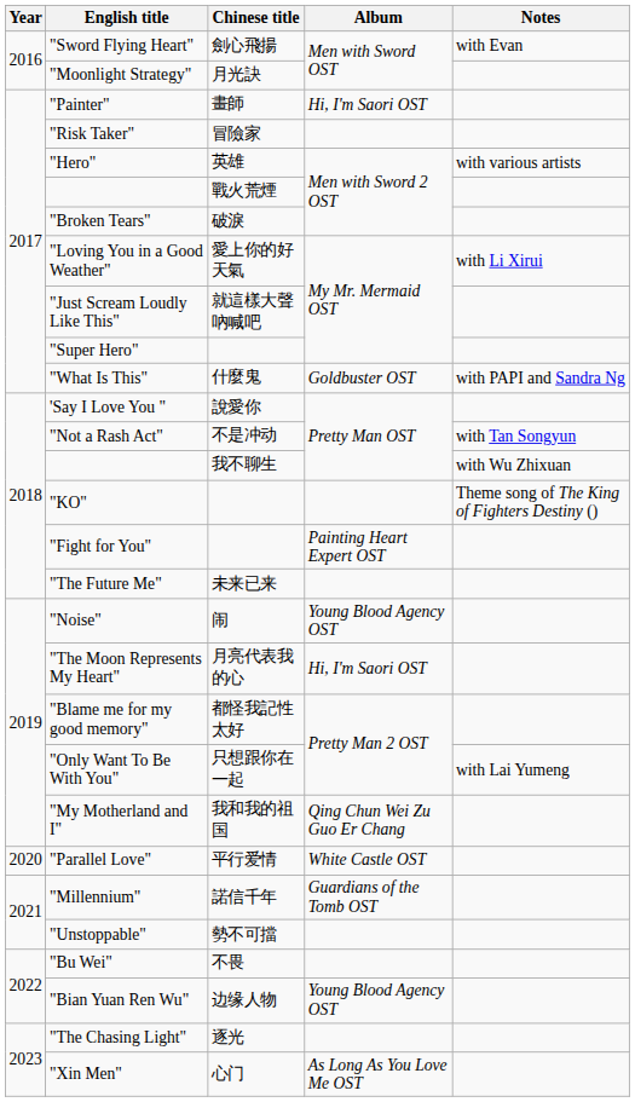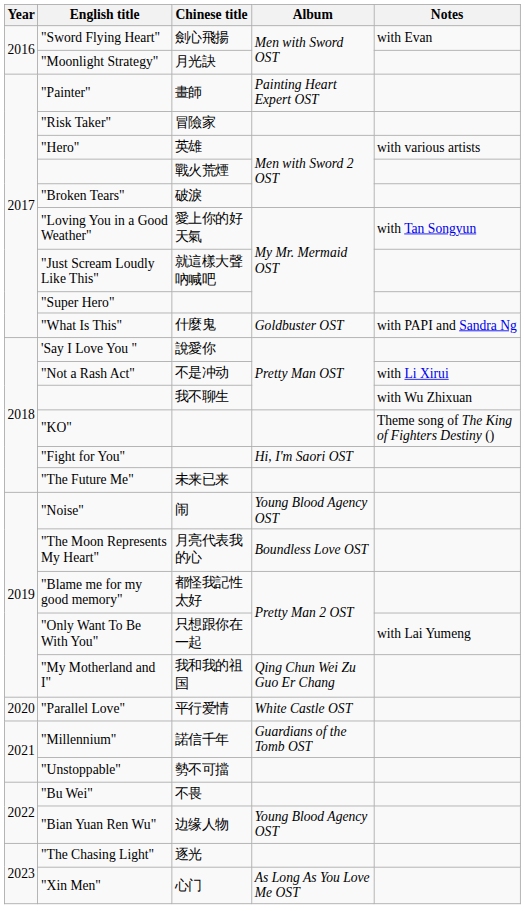 <table class="wikitable sortable">
 <tr>
 <th>Year</th>
 <th>English title</th>
 <th>Chinese title</th>
 <th>Album</th>
 <th>Notes</th>
 </tr>
 <tr>
 <td rowspan=2>2016</td>
 <td>"Sword Flying Heart"</td>
 <td>劍心飛揚</td>
 <td rowspan=2><em>Men with Sword OST</em></td>
 <td>with Evan</td>
 </tr>
 <tr>
 <td>"Moonlight Strategy"</td>
 <td>月光訣</td>
 <td></td>
 </tr>
 <tr>
 <td rowspan=9>2017</td>
 <td>"Painter"</td>
 <td>畫師</td>
-<td><em>Hi, I'm Saori OST</em></td>
+<td><em>Painting Heart Expert OST</em></td>
 <td></td>
 </tr>
 <tr>
 <td>"Risk Taker"</td>
 <td>冒險家</td>
 <td></td>
 <td></td>
 </tr>
 <tr>
 <td>"Hero"</td>
 <td>英雄</td>
 <td rowspan=3><em>Men with Sword 2 OST</em></td>
 <td>with various artists</td>
 </tr>
 <tr>
 <td></td>
 <td>戰火荒煙</td>
 <td></td>
 </tr>
 <tr>
 <td>"Broken Tears"</td>
 <td>破淚</td>
 <td></td>
 </tr>
 <tr>
 <td>"Loving You in a Good Weather"</td>
 <td>愛上你的好天氣</td>
 <td rowspan=3><em>My Mr. Mermaid OST</em></td>
-<td>with <a href='#'>Li Xirui</a></td>
+<td>with <a href='#'>Tan Songyun</a></td>
 </tr>
 <tr>
 <td>"Just Scream Loudly Like This"</td>
 <td>就這樣大聲吶喊吧</td>
 <td></td>
 </tr>
 <tr>
 <td>"Super Hero"</td>
 <td></td>
 <td></td>
 </tr>
 <tr>
 <td>"What Is This"</td>
 <td>什麼鬼</td>
 <td><em>Goldbuster OST</em></td>
 <td>with PAPI and <a href='#'>Sandra Ng</a></td>
 </tr>
 <tr>
 <td rowspan=6>2018</td>
 <td>'Say I Love You "</td>
 <td>說愛你</td>
 <td rowspan=3><em>Pretty Man OST</em></td>
 <td></td>
 </tr>
 <tr>
 <td>"Not a Rash Act"</td>
 <td>不是冲动</td>
-<td>with <a href='#'>Tan Songyun</a></td>
+<td>with <a href='#'>Li Xirui</a></td>
 </tr>
 <tr>
 <td></td>
 <td>我不聊生</td>
 <td>with Wu Zhixuan</td>
 </tr>
 <tr>
 <td>"KO"</td>
 <td></td>
 <td></td>
 <td>Theme song of <em>The King of Fighters Destiny</em> ()</td>
 </tr>
 <tr>
 <td>"Fight for You"</td>
 <td></td>
-<td><em>Painting Heart Expert OST</em></td>
+<td><em>Hi, I'm Saori OST</em></td>
 <td></td>
 </tr>
 <tr>
 <td>"The Future Me"</td>
 <td>未来已来</td>
 <td></td>
 <td></td>
 </tr>
 <tr>
 <td rowspan=5>2019</td>
 <td>"Noise"</td>
 <td>闹</td>
 <td><em>Young Blood Agency OST</em></td>
 <td></td>
 </tr>
 <tr>
 <td>"The Moon Represents My Heart"</td>
 <td>月亮代表我的心</td>
-<td><em>Hi, I'm Saori OST</em></td>
+<td><em>Boundless Love OST</em></td>
 <td></td>
 </tr>
 <tr>
 <td>"Blame me for my good memory"</td>
 <td>都怪我記性太好</td>
 <td rowspan=2><em>Pretty Man 2 OST</em></td>
 <td></td>
 </tr>
 <tr>
 <td>"Only Want To Be With You"</td>
 <td>只想跟你在一起</td>
 <td>with Lai Yumeng</td>
 </tr>
 <tr>
 <td>"My Motherland and I"</td>
 <td>我和我的祖国</td>
 <td><em>Qing Chun Wei Zu Guo Er Chang</em></td>
 <td></td>
 </tr>
 <tr>
 <td>2020</td>
 <td>"Parallel Love"</td>
 <td>平行爱情</td>
 <td><em>White Castle OST</em></td>
 <td></td>
 </tr>
 <tr>
 <td rowspan=2>2021</td>
 <td>"Millennium"</td>
 <td>諾信千年</td>
 <td><em>Guardians of the Tomb OST</em></td>
 <td></td>
 </tr>
 <tr>
 <td>"Unstoppable"</td>
 <td>勢不可擋</td>
 <td></td>
 <td></td>
 </tr>
 <tr>
 <td rowspan=2>2022</td>
 <td>"Bu Wei"</td>
 <td>不畏</td>
 <td></td>
 <td></td>
 </tr>
 <tr>
 <td>"Bian Yuan Ren Wu"</td>
 <td>边缘人物</td>
 <td><em>Young Blood Agency OST</em></td>
 <td></td>
 </tr>
 <tr>
 <td rowspan=2>2023</td>
 <td>"The Chasing Light"</td>
 <td>逐光</td>
 <td></td>
 <td></td>
 </tr>
 <tr>
 <td>"Xin Men"</td>
 <td>心门</td>
 <td><em>As Long As You Love Me OST</em></td>
 <td></td>
 </tr>
 </table>
